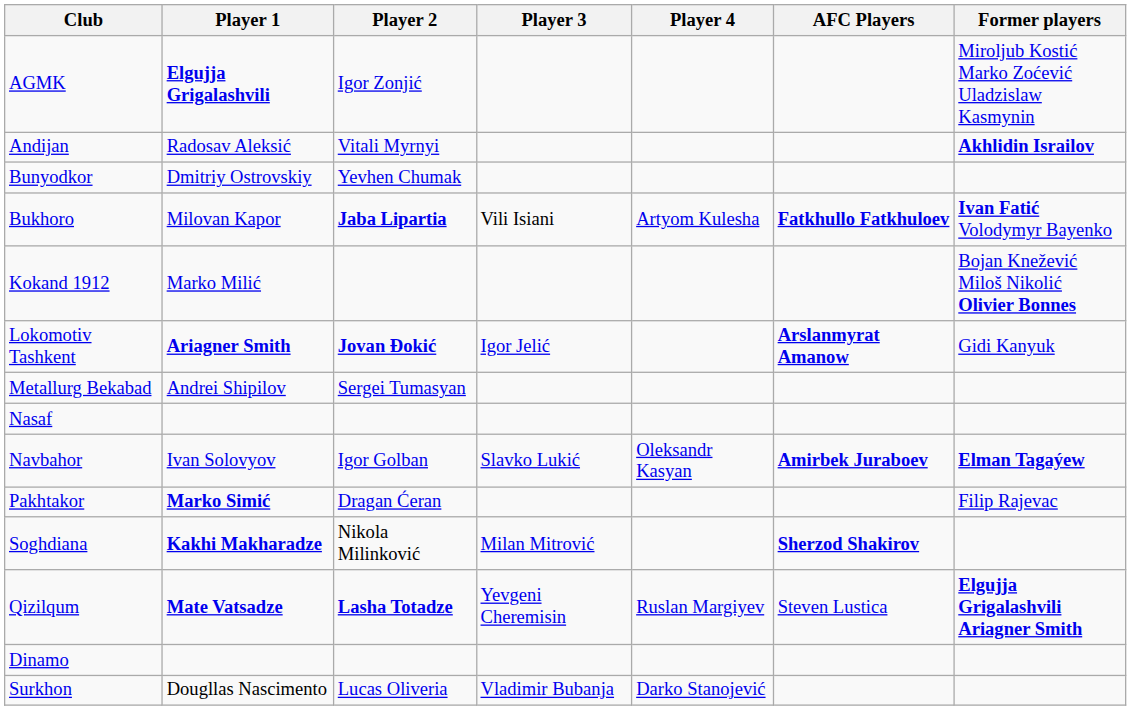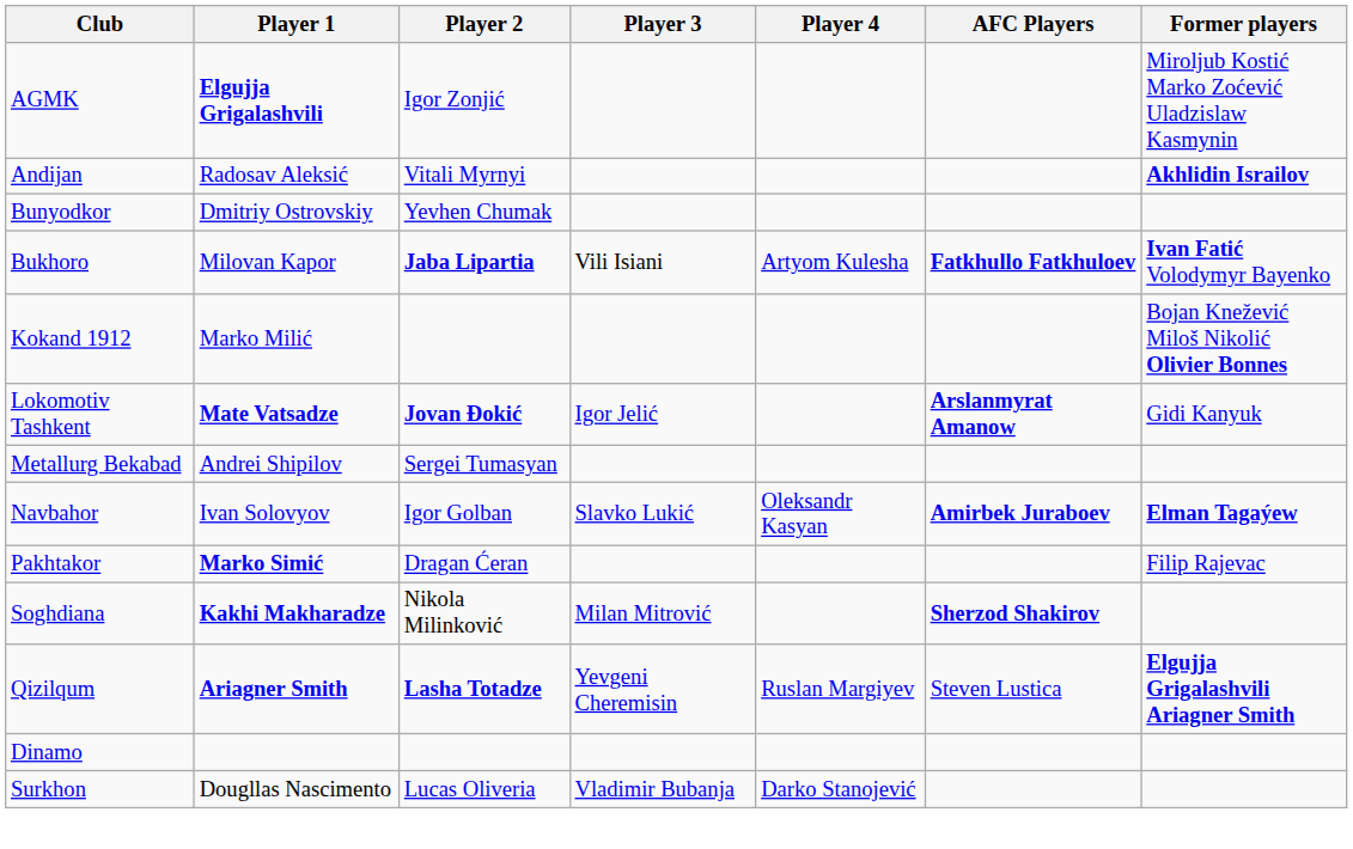 <table class="wikitable" style="font-size:90%;">
 <tr>
 <th>Club</th>
 <th>Player 1</th>
 <th>Player 2</th>
 <th>Player 3</th>
 <th>Player 4</th>
 <th>AFC Players</th>
 <th>Former players</th>
 </tr>
 <tr>
 <td><a href='#'>AGMK</a></td>
 <td> <strong><a href='#'>Elgujja Grigalashvili</a></strong></td>
 <td> <a href='#'>Igor Zonjić</a></td>
 <td></td>
 <td></td>
 <td></td>
 <td> <a href='#'>Miroljub Kostić</a><br> <a href='#'>Marko Zoćević</a><br> <a href='#'>Uladzislaw Kasmynin</a></td>
 </tr>
 <tr>
 <td><a href='#'>Andijan</a></td>
 <td> <a href='#'>Radosav Aleksić</a></td>
 <td> <a href='#'>Vitali Myrnyi</a></td>
 <td></td>
 <td></td>
 <td></td>
 <td>  <strong><a href='#'>Akhlidin Israilov</a></strong></td>
 </tr>
 <tr>
 <td><a href='#'>Bunyodkor</a></td>
 <td><a href='#'>Dmitriy Ostrovskiy</a></td>
 <td> <a href='#'>Yevhen Chumak</a></td>
 <td></td>
 <td></td>
 <td></td>
 <td></td>
 </tr>
 <tr>
 <td><a href='#'>Bukhoro</a></td>
 <td> <a href='#'>Milovan Kapor</a></td>
 <td> <strong><a href='#'>Jaba Lipartia</a></strong></td>
 <td> Vili Isiani</td>
 <td> <a href='#'>Artyom Kulesha</a></td>
 <td> <strong><a href='#'>Fatkhullo Fatkhuloev</a></strong></td>
 <td> <strong><a href='#'>Ivan Fatić</a></strong><br> <a href='#'>Volodymyr Bayenko</a></td>
 </tr>
 <tr>
 <td><a href='#'>Kokand 1912</a></td>
 <td> <a href='#'>Marko Milić</a></td>
 <td></td>
 <td></td>
 <td></td>
 <td></td>
 <td> <a href='#'>Bojan Knežević</a><br> <a href='#'>Miloš Nikolić</a> <br>  <strong><a href='#'>Olivier Bonnes</a></strong></td>
 </tr>
 <tr>
 <td><a href='#'>Lokomotiv Tashkent</a></td>
-<td>  <strong><a href='#'>Ariagner Smith</a></strong></td>
+<td> <strong><a href='#'>Mate Vatsadze</a></strong></td>
 <td> <strong><a href='#'>Jovan Đokić</a></strong></td>
 <td> <a href='#'>Igor Jelić</a></td>
 <td></td>
 <td> <strong><a href='#'>Arslanmyrat Amanow</a></strong></td>
 <td> <a href='#'>Gidi Kanyuk</a></td>
 </tr>
 <tr>
 <td><a href='#'>Metallurg Bekabad</a></td>
 <td> <a href='#'>Andrei Shipilov</a></td>
 <td> <a href='#'>Sergei Tumasyan</a></td>
-<td></td>
-<td></td>
-<td></td>
-<td></td>
-</tr>
-<tr>
-<td><a href='#'>Nasaf</a></td>
-<td></td>
-<td></td>
 <td></td>
 <td></td>
 <td></td>
 <td></td>
 </tr>
 <tr>
 <td><a href='#'>Navbahor</a></td>
 <td> <a href='#'>Ivan Solovyov</a></td>
 <td>  <a href='#'>Igor Golban</a></td>
 <td> <a href='#'>Slavko Lukić</a></td>
 <td> <a href='#'>Oleksandr Kasyan</a></td>
 <td> <strong><a href='#'>Amirbek Juraboev</a></strong></td>
 <td> <strong><a href='#'>Elman Tagaýew</a></strong></td>
 </tr>
 <tr>
 <td><a href='#'>Pakhtakor</a></td>
 <td> <strong><a href='#'>Marko Simić</a></strong></td>
 <td> <a href='#'>Dragan Ćeran</a></td>
 <td></td>
 <td></td>
 <td></td>
 <td> <a href='#'>Filip Rajevac</a></td>
 </tr>
 <tr>
 <td><a href='#'>Soghdiana</a></td>
 <td> <strong><a href='#'>Kakhi Makharadze</a></strong></td>
 <td> Nikola Milinković</td>
 <td> <a href='#'>Milan Mitrović</a></td>
 <td></td>
 <td> <strong><a href='#'>Sherzod Shakirov</a></strong></td>
 <td></td>
 </tr>
 <tr>
 <td><a href='#'>Qizilqum</a></td>
-<td> <strong><a href='#'>Mate Vatsadze</a></strong></td>
+<td>  <strong><a href='#'>Ariagner Smith</a></strong></td>
 <td> <strong><a href='#'>Lasha Totadze</a></strong></td>
 <td> <a href='#'>Yevgeni Cheremisin</a></td>
 <td> <a href='#'>Ruslan Margiyev</a></td>
 <td> <a href='#'>Steven Lustica</a></td>
 <td> <strong><a href='#'>Elgujja Grigalashvili</a></strong><br>  <strong><a href='#'>Ariagner Smith</a></strong></td>
 </tr>
 <tr>
 <td><a href='#'>Dinamo</a></td>
 <td></td>
 <td></td>
 <td></td>
 <td></td>
 <td></td>
 <td></td>
 </tr>
 <tr>
 <td><a href='#'>Surkhon</a></td>
 <td> Dougllas Nascimento</td>
 <td> <a href='#'>Lucas Oliveria</a></td>
 <td> <a href='#'>Vladimir Bubanja</a></td>
 <td> <a href='#'>Darko Stanojević</a></td>
 <td></td>
 <td></td>
 </tr>
 </table>
